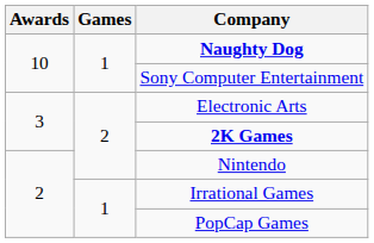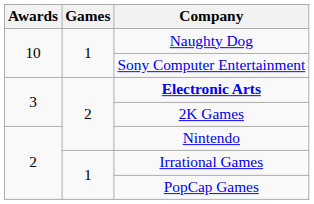 <table class="wikitable floatright" rowspan="2" style="text-align:center;" background: #f6e39c;>
 <tr>
 <th scope="col">Awards</th>
 <th scope="col">Games</th>
 <th scope="col">Company</th>
 </tr>
 <tr>
 <td rowspan=2>10</td>
 <td rowspan=2>1</td>
-<td><strong><a href='#'>Naughty Dog</a></strong></td>
+<td><a href='#'>Naughty Dog</a></td>
 </tr>
 <tr>
 <td><a href='#'>Sony Computer Entertainment</a></td>
 </tr>
 <tr>
 <td rowspan=2>3</td>
 <td rowspan=3>2</td>
-<td><a href='#'>Electronic Arts</a></td>
+<td><strong><a href='#'>Electronic Arts</a></strong></td>
 </tr>
 <tr>
-<td><strong><a href='#'>2K Games</a></strong></td>
+<td><a href='#'>2K Games</a></td>
 </tr>
 <tr>
 <td rowspan=3>2</td>
 <td><a href='#'>Nintendo</a></td>
 </tr>
 <tr>
 <td rowspan=2>1</td>
 <td><a href='#'>Irrational Games</a></td>
 </tr>
 <tr>
 <td><a href='#'>PopCap Games</a></td>
 </tr>
 </table>
